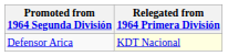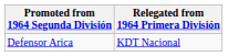 <table class="wikitable">
 <tr>
 <th>Promoted from<br><a href='#'>1964 Segunda División</a></th>
 <th>Relegated from<br><a href='#'>1964 Primera División</a></th>
 </tr>
 <tr>
 <td> <a href='#'>Defensor Arica</a> </td>
-<td style="background: lightyellow;"> <a href='#'>KDT Nacional</a> </td>
+<td> <a href='#'>KDT Nacional</a> </td>
 </tr>
 </table>
